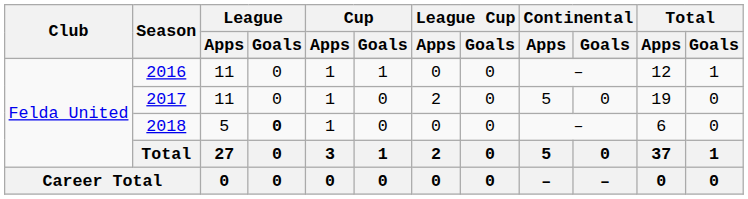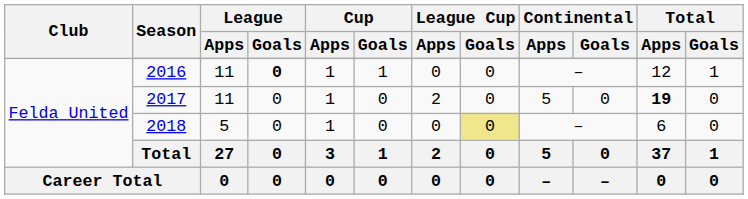 <table class="wikitable" style="text-align: center;">
 <tr>
 <th rowspan="2">Club</th>
 <th rowspan="2">Season</th>
 <th colspan="2">League</th>
 <th colspan="2">Cup</th>
 <th colspan="2">League Cup</th>
 <th colspan="2">Continental</th>
 <th colspan="2">Total</th>
 </tr>
 <tr>
 <th>Apps</th>
 <th>Goals</th>
 <th>Apps</th>
 <th>Goals</th>
 <th>Apps</th>
 <th>Goals</th>
 <th>Apps</th>
 <th>Goals</th>
 <th>Apps</th>
 <th>Goals</th>
 </tr>
 <tr>
 <td rowspan="5" valign="center"><a href='#'>Felda United</a></td>
 </tr>
 <tr>
 <td><a href='#'>2016</a></td>
 <td>11</td>
-<td>0</td>
+<td><strong>0</strong></td>
 <td>1</td>
 <td>1</td>
 <td>0</td>
 <td>0</td>
 <td colspan="2">–</td>
 <td>12</td>
 <td>1</td>
 </tr>
 <tr>
 <td><a href='#'>2017</a></td>
 <td>11</td>
 <td>0</td>
 <td>1</td>
 <td>0</td>
 <td>2</td>
 <td>0</td>
 <td>5</td>
 <td>0</td>
-<td>19</td>
+<td><strong>19</strong></td>
 <td>0</td>
 </tr>
 <tr>
 <td><a href='#'>2018</a></td>
 <td>5</td>
-<td><strong>0</strong></td>
+<td>0</td>
 <td>1</td>
 <td>0</td>
 <td>0</td>
-<td>0</td>
+<td style="background: khaki;">0</td>
 <td colspan="2">–</td>
 <td>6</td>
 <td>0</td>
 </tr>
 <tr>
 <th>Total</th>
 <th>27</th>
 <th>0</th>
 <th>3</th>
 <th>1</th>
 <th>2</th>
 <th>0</th>
 <th>5</th>
 <th>0</th>
 <th>37</th>
 <th>1</th>
 </tr>
 <tr>
 <th colspan="2">Career Total</th>
 <th>0</th>
 <th>0</th>
 <th>0</th>
 <th>0</th>
 <th>0</th>
 <th>0</th>
 <th>–</th>
 <th>–</th>
 <th>0</th>
 <th>0</th>
 </tr>
 </table>
